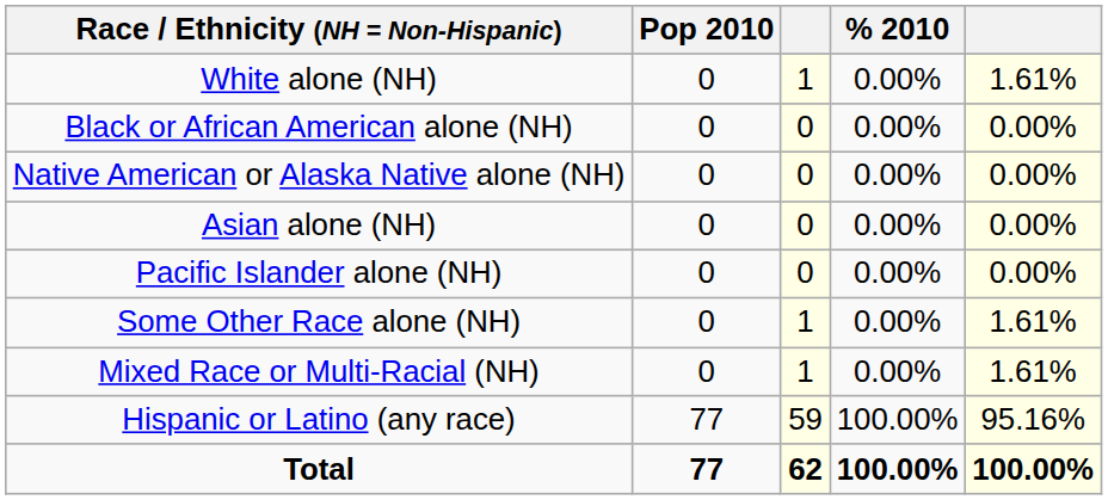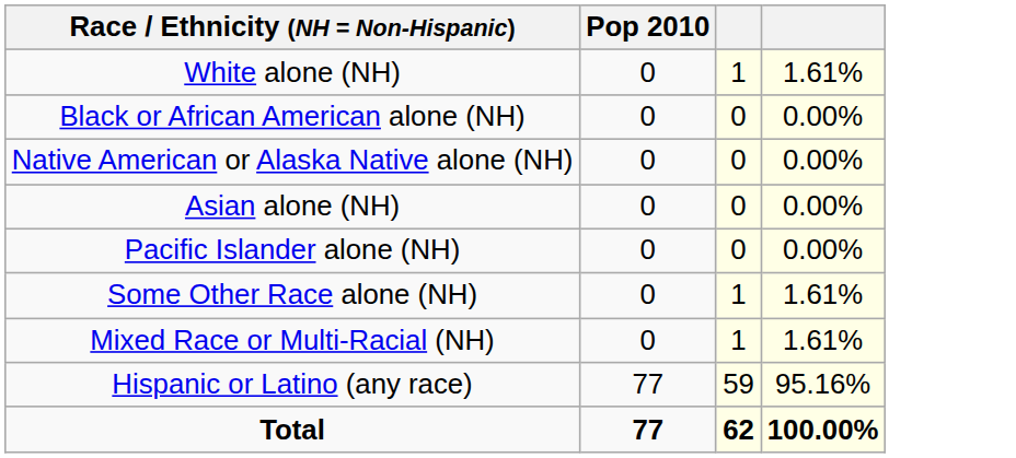 <table class="wikitable" style="text-align:center;">
 <tr>
 <th>Race / Ethnicity <small>(<em>NH = Non-Hispanic</em>)</small></th>
 <th>Pop 2010</th>
 <th></th>
-<th>% 2010</th>
 <th></th>
 </tr>
 <tr>
 <td><a href='#'>White</a> alone (NH)</td>
 <td>0</td>
 <td style='background: #ffffe6;'>1</td>
-<td>0.00%</td>
 <td style='background: #ffffe6;'>1.61%</td>
 </tr>
 <tr>
 <td><a href='#'>Black or African American</a> alone (NH)</td>
 <td>0</td>
 <td style='background: #ffffe6;'>0</td>
-<td>0.00%</td>
 <td style='background: #ffffe6;'>0.00%</td>
 </tr>
 <tr>
 <td><a href='#'>Native American</a> or <a href='#'>Alaska Native</a> alone (NH)</td>
 <td>0</td>
 <td style='background: #ffffe6;'>0</td>
-<td>0.00%</td>
 <td style='background: #ffffe6;'>0.00%</td>
 </tr>
 <tr>
 <td><a href='#'>Asian</a> alone (NH)</td>
 <td>0</td>
 <td style='background: #ffffe6;'>0</td>
-<td>0.00%</td>
 <td style='background: #ffffe6;'>0.00%</td>
 </tr>
 <tr>
 <td><a href='#'>Pacific Islander</a> alone (NH)</td>
 <td>0</td>
 <td style='background: #ffffe6;'>0</td>
-<td>0.00%</td>
 <td style='background: #ffffe6;'>0.00%</td>
 </tr>
 <tr>
 <td><a href='#'>Some Other Race</a> alone (NH)</td>
 <td>0</td>
 <td style='background: #ffffe6;'>1</td>
-<td>0.00%</td>
 <td style='background: #ffffe6;'>1.61%</td>
 </tr>
 <tr>
 <td><a href='#'>Mixed Race or Multi-Racial</a> (NH)</td>
 <td>0</td>
 <td style='background: #ffffe6;'>1</td>
-<td>0.00%</td>
 <td style='background: #ffffe6;'>1.61%</td>
 </tr>
 <tr>
 <td><a href='#'>Hispanic or Latino</a> (any race)</td>
 <td>77</td>
 <td style='background: #ffffe6;'>59</td>
-<td>100.00%</td>
 <td style='background: #ffffe6;'>95.16%</td>
 </tr>
 <tr>
 <td><strong>Total</strong></td>
 <td><strong>77</strong></td>
 <td style='background: #ffffe6;'><strong>62</strong></td>
-<td><strong>100.00%</strong></td>
 <td style='background: #ffffe6;'><strong>100.00%</strong></td>
 </tr>
 </table>
